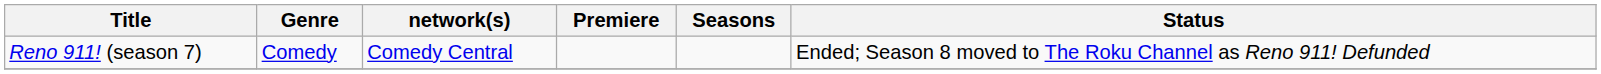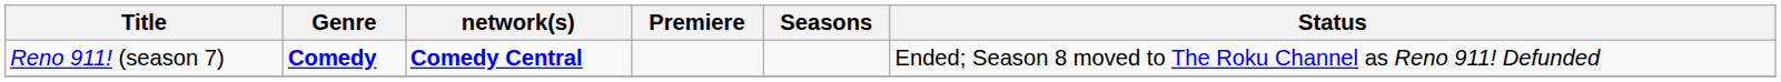 <table class="wikitable sortable" style="width:100%;">
 <tr>
 <th>Title</th>
 <th>Genre</th>
 <th> network(s)</th>
 <th>Premiere</th>
 <th>Seasons</th>
 <th>Status</th>
 </tr>
 <tr>
 <td><em><a href='#'>Reno 911!</a></em> (season 7)</td>
-<td><a href='#'>Comedy</a></td>
-<td><a href='#'>Comedy Central</a></td>
+<td><strong><a href='#'>Comedy</a></strong></td>
+<td><strong><a href='#'>Comedy Central</a></strong></td>
 <td></td>
 <td></td>
 <td>Ended; Season 8 moved to <a href='#'>The Roku Channel</a> as <em>Reno 911! Defunded</em></td>
 </tr>
 <tr>
 </tr>
 </table>
